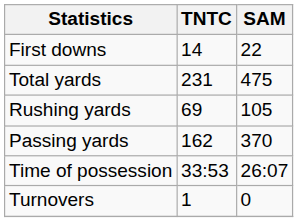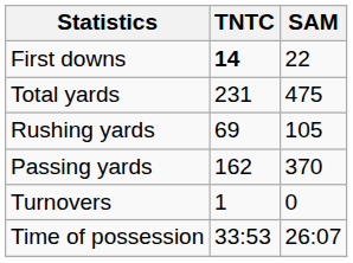 <table class="wikitable" style="float: left;">
 <tr>
 <th>Statistics</th>
 <th>TNTC</th>
 <th>SAM</th>
 </tr>
 <tr>
 <td>First downs</td>
-<td>14</td>
+<td><strong>14</strong></td>
 <td>22</td>
 </tr>
 <tr>
 <td>Total yards</td>
 <td>231</td>
 <td>475</td>
 </tr>
 <tr>
 <td>Rushing yards</td>
 <td>69</td>
 <td>105</td>
 </tr>
 <tr>
 <td>Passing yards</td>
 <td>162</td>
 <td>370</td>
 </tr>
 <tr>
+<td>Turnovers</td>
+<td>1</td>
+<td>0</td>
+</tr>
+<tr>
 <td>Time of possession</td>
 <td>33:53</td>
 <td>26:07</td>
 </tr>
 <tr>
-<td>Turnovers</td>
-<td>1</td>
-<td>0</td>
-</tr>
-<tr>
 </tr>
 </table>
